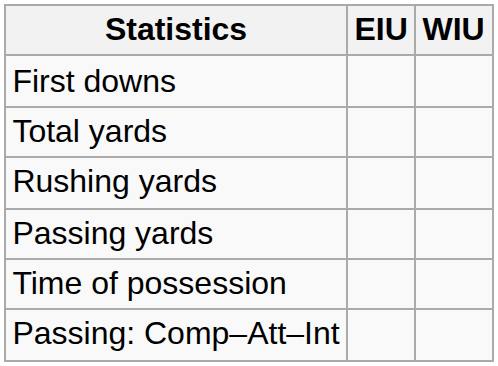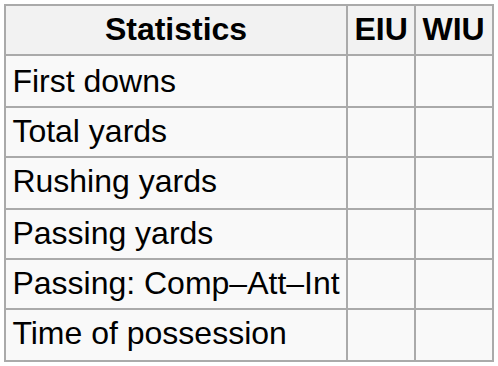 <table class="wikitable" style="float: left;">
 <tr>
 <th>Statistics</th>
 <th>EIU</th>
 <th>WIU</th>
 </tr>
 <tr>
 <td>First downs</td>
 <td></td>
 <td></td>
 </tr>
 <tr>
 <td>Total yards</td>
 <td></td>
 <td></td>
 </tr>
 <tr>
 <td>Rushing yards</td>
 <td></td>
 <td></td>
 </tr>
 <tr>
 <td>Passing yards</td>
 <td></td>
 <td></td>
 </tr>
 <tr>
-<td>Time of possession</td>
+<td>Passing: Comp–Att–Int</td>
 <td></td>
 <td></td>
 </tr>
 <tr>
-<td>Passing: Comp–Att–Int</td>
+<td>Time of possession</td>
 <td></td>
 <td></td>
 </tr>
 <tr>
 </tr>
 </table>
